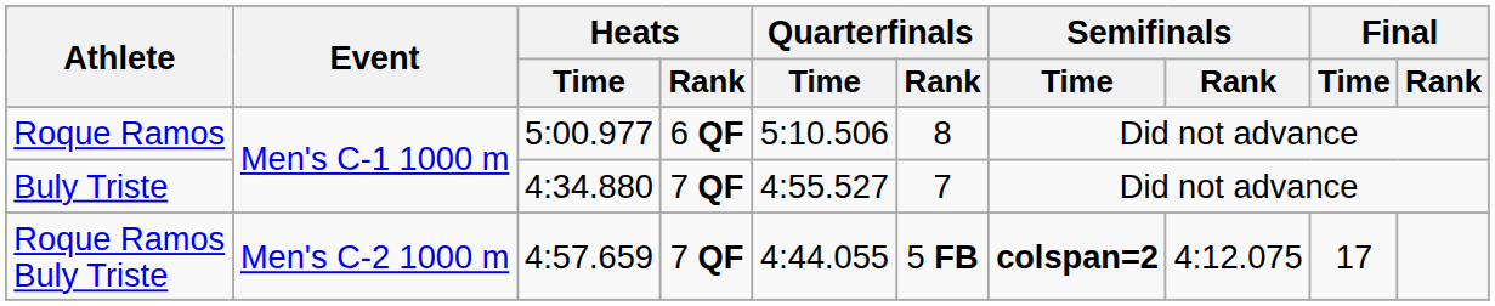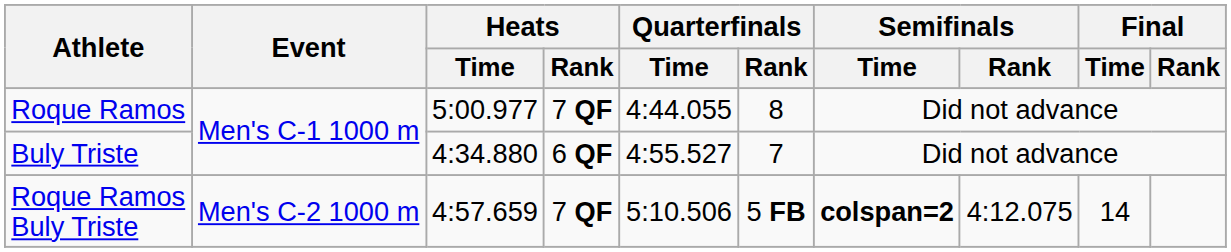 <table class=wikitable style="font-size:90%">
 <tr>
 <th rowspan="2">Athlete</th>
 <th rowspan="2">Event</th>
 <th colspan=2>Heats</th>
 <th colspan=2>Quarterfinals</th>
 <th colspan=2>Semifinals</th>
 <th colspan=2>Final</th>
 </tr>
 <tr style="font-size:95%">
 <th>Time</th>
 <th>Rank</th>
 <th>Time</th>
 <th>Rank</th>
 <th>Time</th>
 <th>Rank</th>
 <th>Time</th>
 <th>Rank</th>
 </tr>
 <tr align=center>
 <td align=left><a href='#'>Roque Ramos</a></td>
 <td align=left rowspan=2><a href='#'>Men's C-1 1000 m</a></td>
 <td>5:00.977</td>
-<td>6 <strong>QF</strong></td>
-<td>5:10.506</td>
+<td>7 <strong>QF</strong></td>
+<td>4:44.055</td>
 <td>8</td>
 <td colspan="4">Did not advance</td>
 </tr>
 <tr align=center>
 <td align=left><a href='#'>Buly Triste</a></td>
 <td>4:34.880</td>
-<td>7 <strong>QF</strong></td>
+<td>6 <strong>QF</strong></td>
 <td>4:55.527</td>
 <td>7</td>
 <td colspan="4">Did not advance</td>
 </tr>
 <tr align=center>
 <td align=left><a href='#'>Roque Ramos</a><br><a href='#'>Buly Triste</a></td>
 <td align=left><a href='#'>Men's C-2 1000 m</a></td>
 <td>4:57.659</td>
 <td>7 <strong>QF</strong></td>
-<td>4:44.055</td>
+<td>5:10.506</td>
 <td>5 <strong>FB</strong></td>
 <td><strong>colspan=2 </strong></td>
 <td>4:12.075</td>
-<td>17</td>
+<td>14</td>
 </tr>
 </table>
